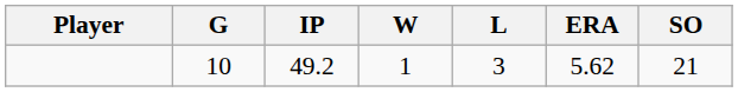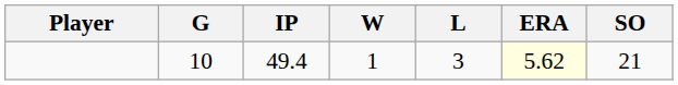 <table class="wikitable sortable">
 <tr>
 <th bgcolor="#DDDDFF" width="16%">Player</th>
 <th bgcolor="#DDDDFF" width="9%">G</th>
 <th bgcolor="#DDDDFF" width="9%">IP</th>
 <th bgcolor="#DDDDFF" width="9%">W</th>
 <th bgcolor="#DDDDFF" width="9%">L</th>
 <th bgcolor="#DDDDFF" width="9%">ERA</th>
 <th bgcolor="#DDDDFF" width="9%">SO</th>
 </tr>
 <tr align="center">
 <td></td>
 <td>10</td>
-<td>49.2</td>
+<td>49.4</td>
 <td>1</td>
 <td>3</td>
-<td>5.62</td>
+<td style="background: lightyellow;">5.62</td>
 <td>21</td>
 </tr>
 </table>
